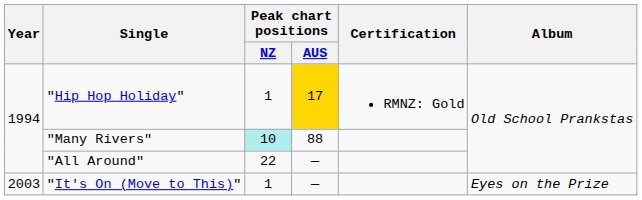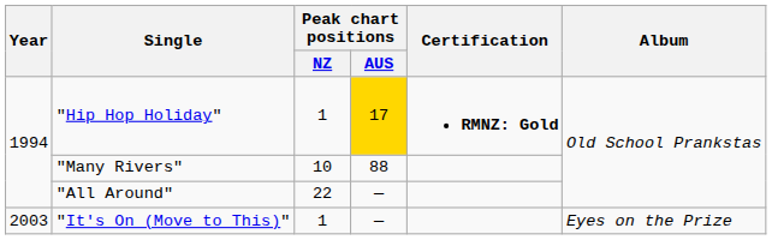 <table class="wikitable">
 <tr>
 <th scope="col" rowspan="2">Year</th>
 <th scope="col" rowspan="2">Single</th>
 <th scope="col" colspan="2">Peak chart positions</th>
 <th scope="col" rowspan="2">Certification</th>
 <th scope="col" rowspan="2">Album</th>
 </tr>
 <tr>
 <th style="width:3em"><a href='#'>NZ</a><br></th>
 <th style="width:3em"><a href='#'>AUS</a><br></th>
 </tr>
 <tr>
 <td rowspan="3">1994</td>
 <td>"<a href='#'>Hip Hop Holiday</a>"</td>
 <td align="center">1</td>
 <td align="center" style="background: gold;">17</td>
-<td><br><ul><li>RMNZ: Gold</li></ul></td>
+<td><strong><br><ul><li>RMNZ: Gold</li></ul></strong></td>
 <td rowspan="3"><em>Old School Prankstas</em></td>
 </tr>
 <tr>
 <td>"Many Rivers"</td>
-<td align="center" style="background: paleturquoise;">10</td>
+<td align="center">10</td>
 <td align="center">88</td>
 <td></td>
 </tr>
 <tr>
 <td>"All Around"</td>
 <td align="center">22</td>
 <td align="center">—</td>
 <td></td>
 </tr>
 <tr>
 <td>2003</td>
 <td>"<a href='#'>It's On (Move to This)</a>"</td>
 <td align="center">1</td>
 <td align="center">—</td>
 <td></td>
 <td><em>Eyes on the Prize</em></td>
 </tr>
 </table>
